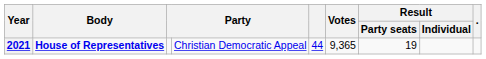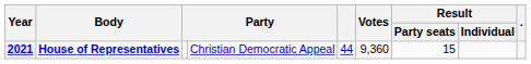 <table class="wikitable plainrowheaders sortable" border=2 cellpadding=4 cellspacing=0 style="border: 1px #aaa solid; font-size: 90%; text-align:center;">
 <tr>
 <th scope="col" rowspan=2>Year</th>
 <th scope="col" rowspan=2>Body</th>
 <th scope="col" colspan=2 rowspan=2>Party</th>
 <th scope="col" rowspan=2></th>
 <th scope="col" rowspan=2>Votes</th>
 <th scope="colgroup" colspan=2>Result</th>
 <th scope="col" rowspan=2 class="unsortable">.</th>
 </tr>
 <tr>
 <th scope="col">Party seats</th>
 <th scope="col">Individual</th>
 </tr>
 <tr>
 <th scope="row"><a href='#'>2021</a></th>
 <td><strong><a href='#'>House of Representatives</a></strong></td>
 <td style="background-color:"></td>
 <td><a href='#'>Christian Democratic Appeal</a></td>
 <td style=text-align:right><a href='#'>44</a></td>
-<td style=text-align:right>9,365</td>
-<td style=text-align:right>19</td>
+<td style=text-align:right>9,360</td>
+<td style=text-align:right>15</td>
 <td></td>
 <td></td>
 </tr>
 </table>
